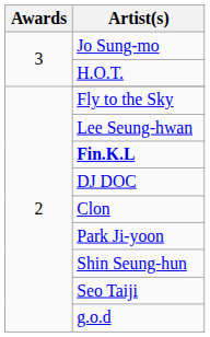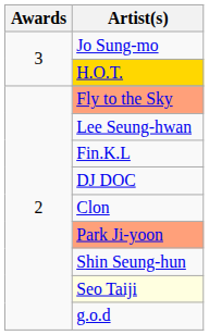 <table class="wikitable"  style="width:30%; text-align:center;">
 <tr>
 <th scope="col">Awards</th>
 <th scope="col">Artist(s)</th>
 </tr>
 <tr>
 <td rowspan=2>3</td>
 <td align=left><a href='#'>Jo Sung-mo</a></td>
 </tr>
 <tr>
-<td align=left><a href='#'>H.O.T.</a></td>
+<td align=left style="background: gold;"><a href='#'>H.O.T.</a></td>
 </tr>
 <tr>
 <td rowspan=10>2</td>
 </tr>
 <tr>
-<td align=left><a href='#'>Fly to the Sky</a></td>
+<td align=left style="background: lightsalmon;"><a href='#'>Fly to the Sky</a></td>
 </tr>
 <tr>
 <td align=left><a href='#'>Lee Seung-hwan</a></td>
 </tr>
 <tr>
-<td align=left><strong><a href='#'>Fin.K.L</a></strong></td>
+<td align=left><a href='#'>Fin.K.L</a></td>
 </tr>
 <tr>
 <td align=left><a href='#'>DJ DOC</a></td>
 </tr>
 <tr>
 <td align=left><a href='#'>Clon</a></td>
 </tr>
 <tr>
-<td align=left><a href='#'>Park Ji-yoon</a></td>
+<td align=left style="background: lightsalmon;"><a href='#'>Park Ji-yoon</a></td>
 </tr>
 <tr>
 <td align=left><a href='#'>Shin Seung-hun</a></td>
 </tr>
 <tr>
-<td align=left><a href='#'>Seo Taiji</a></td>
+<td align=left style="background: lightyellow;"><a href='#'>Seo Taiji</a></td>
 </tr>
 <tr>
 <td align=left><a href='#'>g.o.d</a></td>
 </tr>
 </table>
